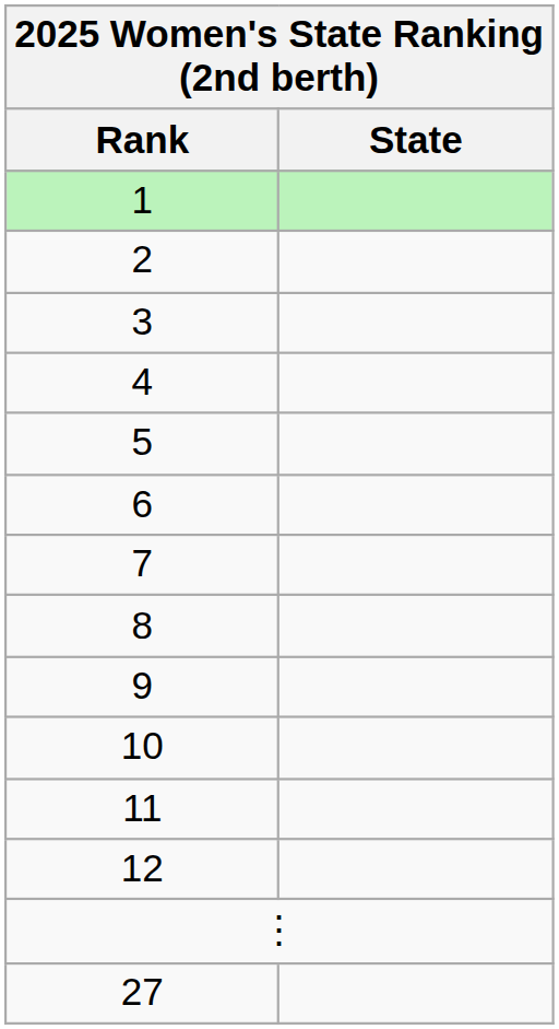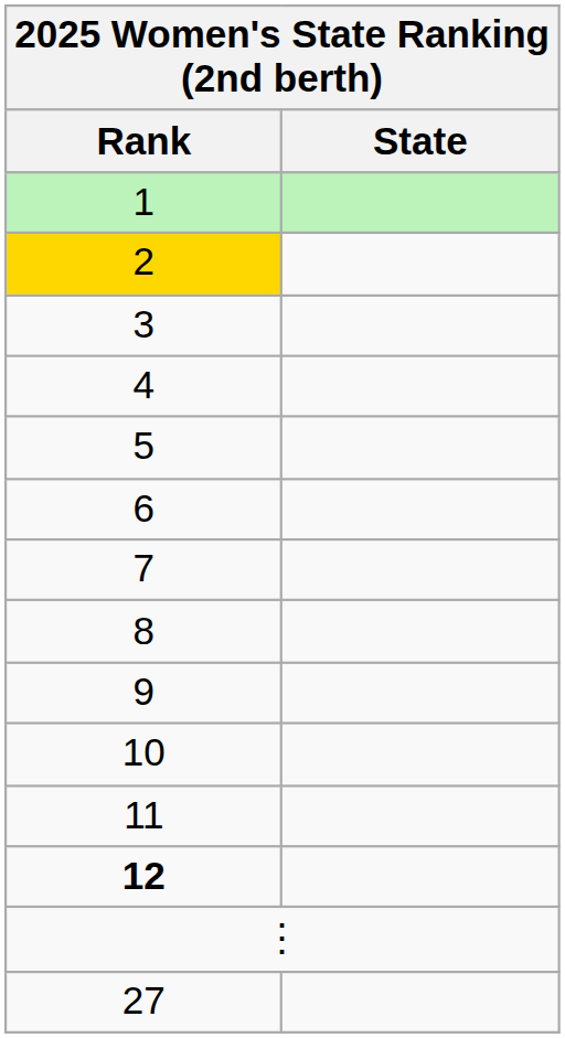 <table class="wikitable" style="text-align:center">
 <tr>
 <th colspan=2>2025 Women's State Ranking<br>(2nd berth)</th>
 </tr>
 <tr>
 <th>Rank</th>
 <th>State</th>
 </tr>
 <tr>
 <td bgcolor=#BBF3BB>1</td>
 <td bgcolor=#BBF3BB align=left></td>
 </tr>
 <tr>
-<td>2</td>
+<td style="background: gold;">2</td>
 <td align=left></td>
 </tr>
 <tr>
 <td>3</td>
 <td align=left></td>
 </tr>
 <tr>
 <td>4</td>
 <td align=left></td>
 </tr>
 <tr>
 <td>5</td>
 <td align=left></td>
 </tr>
 <tr>
 <td>6</td>
 <td align=left></td>
 </tr>
 <tr>
 <td>7</td>
 <td align=left></td>
 </tr>
 <tr>
 <td>8</td>
 <td align=left></td>
 </tr>
 <tr>
 <td>9</td>
 <td align=left></td>
 </tr>
 <tr>
 <td>10</td>
 <td align=left></td>
 </tr>
 <tr>
 <td>11</td>
 <td align=left></td>
 </tr>
 <tr>
-<td>12</td>
+<td><strong>12</strong></td>
 <td align=left></td>
 </tr>
 <tr>
 <td colspan=2>⋮</td>
 </tr>
 <tr>
 <td>27</td>
 <td align=left></td>
 </tr>
 </table>
